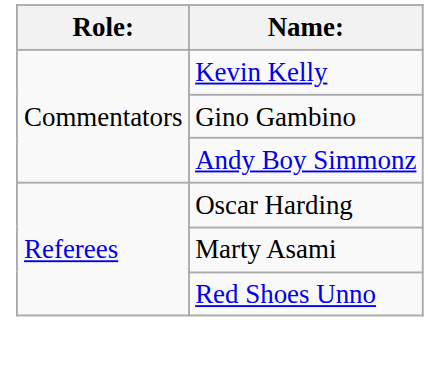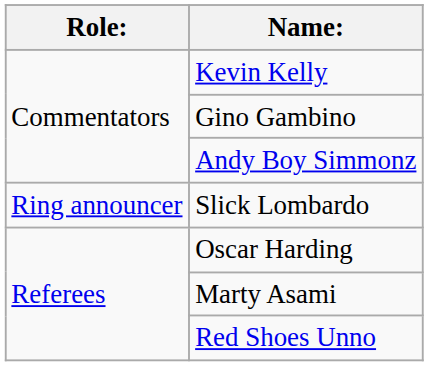 <table class=wikitable style="font-size:90%; margin: 0.5em 0 0.5em 1em; float: right; clear: right;">
 <tr>
 <th>Role:</th>
 <th>Name:</th>
 </tr>
 <tr>
 <td rowspan=3>Commentators</td>
 <td><a href='#'>Kevin Kelly</a></td>
 </tr>
 <tr>
 <td>Gino Gambino</td>
 </tr>
 <tr>
 <td><a href='#'>Andy Boy Simmonz</a> </td>
 </tr>
 <tr>
+<td><a href='#'>Ring announcer</a></td>
+<td>Slick Lombardo</td>
+</tr>
+<tr>
 <td rowspan=3><a href='#'>Referees</a></td>
 <td>Oscar Harding</td>
 </tr>
 <tr>
 <td>Marty Asami</td>
 </tr>
 <tr>
 <td><a href='#'>Red Shoes Unno</a></td>
 </tr>
 </table>
